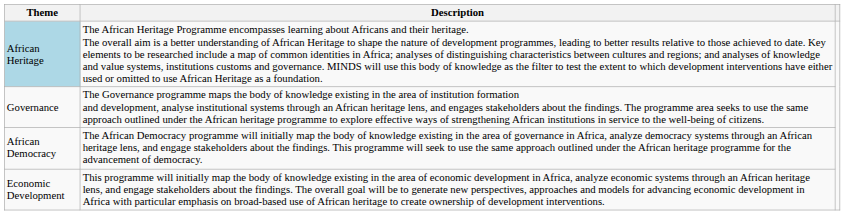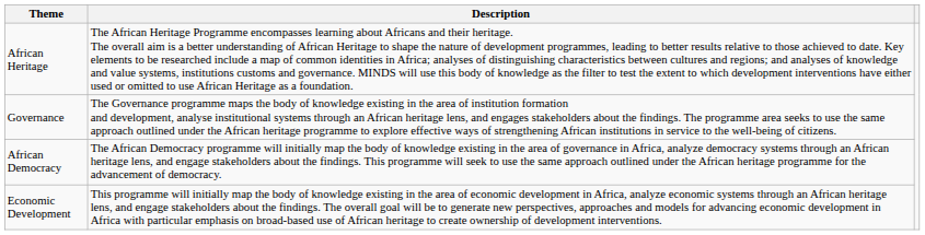 <table class="wikitable">
 <tr>
 <th>Theme</th>
 <th>Description</th>
 <th></th>
 </tr>
 <tr>
-<td style="background: lightblue;">African Heritage</td>
+<td>African Heritage</td>
 <td>The African Heritage Programme encompasses learning about Africans and their heritage.<br>The overall aim is a better understanding of African Heritage to shape the nature of development programmes, leading to better results relative to those achieved to date. Key elements to be researched include a map of common identities in Africa; analyses of distinguishing characteristics between cultures and regions; and analyses of knowledge and value systems, institutions customs and governance. MINDS will use this body of knowledge as the filter to test the extent to which development interventions have either used or omitted to use African Heritage as a foundation.</td>
 </tr>
 <tr>
 <td>Governance</td>
 <td>The Governance programme maps the body of knowledge existing in the area of institution formation<br>and development, analyse institutional systems through an African heritage lens, and engages stakeholders about the findings. The programme area seeks to use the same approach outlined under the African heritage programme to explore effective ways of strengthening African institutions in service to the well-being of citizens.</td>
 </tr>
 <tr>
 <td>African Democracy</td>
 <td>The African Democracy programme will initially map the body of knowledge existing in the area of governance in Africa, analyze democracy systems through an African heritage lens, and engage stakeholders about the findings. This programme will seek to use the same approach outlined under the African heritage programme for the advancement of democracy.</td>
 </tr>
 <tr>
 <td>Economic Development</td>
 <td>This programme will initially map the body of knowledge existing in the area of economic development in Africa, analyze economic systems through an African heritage lens, and engage stakeholders about the findings. The overall goal will be to generate new perspectives, approaches and models for advancing economic development in Africa with particular emphasis on broad-based use of African heritage to create ownership of development interventions.</td>
 </tr>
 </table>
